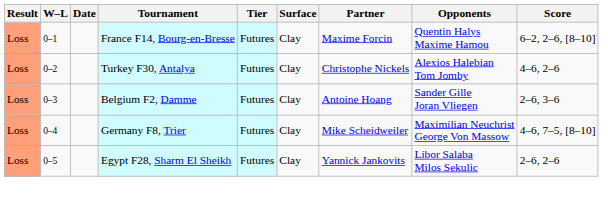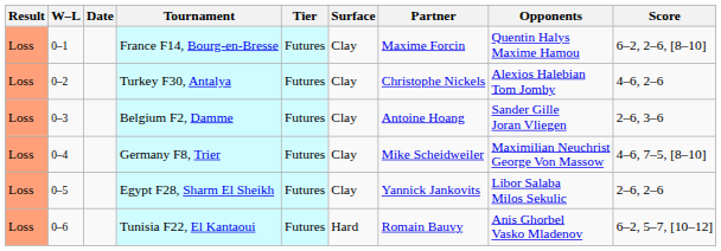 <table class="sortable wikitable nowrap">
 <tr>
 <th>Result</th>
 <th class="unsortable">W–L</th>
 <th>Date</th>
 <th>Tournament</th>
 <th>Tier</th>
 <th>Surface</th>
 <th>Partner</th>
 <th>Opponents</th>
 <th class="unsortable">Score</th>
 </tr>
 <tr>
 <td style="background:#FFA07A">Loss</td>
 <td><small>0–1</small></td>
 <td></td>
 <td style="background:#cffcff;">France F14, <a href='#'>Bourg-en-Bresse</a></td>
 <td style="background:#cffcff;">Futures</td>
 <td>Clay</td>
 <td> <a href='#'>Maxime Forcin</a></td>
 <td> <a href='#'>Quentin Halys</a><br> <a href='#'>Maxime Hamou</a></td>
 <td>6–2, 2–6, [8–10]</td>
 </tr>
 <tr>
 <td style="background:#FFA07A">Loss</td>
 <td><small>0–2</small></td>
 <td></td>
 <td style="background:#cffcff;">Turkey F30, <a href='#'>Antalya</a></td>
 <td style="background:#cffcff;">Futures</td>
 <td>Clay</td>
 <td> <a href='#'>Christophe Nickels</a></td>
 <td> <a href='#'>Alexios Halebian</a><br> <a href='#'>Tom Jomby</a></td>
 <td>4–6, 2–6</td>
 </tr>
 <tr>
 <td style="background:#FFA07A">Loss</td>
 <td><small>0–3</small></td>
 <td></td>
 <td style="background:#cffcff;">Belgium F2, <a href='#'>Damme</a></td>
 <td style="background:#cffcff;">Futures</td>
 <td>Clay</td>
 <td> <a href='#'>Antoine Hoang</a></td>
 <td> <a href='#'>Sander Gille</a><br> <a href='#'>Joran Vliegen</a></td>
 <td>2–6, 3–6</td>
 </tr>
 <tr>
 <td style="background:#FFA07A">Loss</td>
 <td><small>0–4</small></td>
 <td></td>
 <td style="background:#cffcff;">Germany F8, <a href='#'>Trier</a></td>
 <td style="background:#cffcff;">Futures</td>
 <td>Clay</td>
 <td> <a href='#'>Mike Scheidweiler</a></td>
 <td> <a href='#'>Maximilian Neuchrist</a><br> <a href='#'>George Von Massow</a></td>
 <td>4–6, 7–5, [8–10]</td>
 </tr>
 <tr>
 <td style="background:#FFA07A">Loss</td>
 <td><small>0–5</small></td>
 <td></td>
 <td style="background:#cffcff;">Egypt F28, <a href='#'>Sharm El Sheikh</a></td>
 <td style="background:#cffcff;">Futures</td>
 <td>Clay</td>
 <td> <a href='#'>Yannick Jankovits</a></td>
 <td> <a href='#'>Libor Salaba</a><br> <a href='#'>Milos Sekulic</a></td>
 <td>2–6, 2–6</td>
 </tr>
+<tr>
+<td style="background:#FFA07A">Loss</td>
+<td><small>0–6</small></td>
+<td></td>
+<td style="background:#cffcff;">Tunisia F22, <a href='#'>El Kantaoui</a></td>
+<td style="background:#cffcff;">Futures</td>
+<td>Hard</td>
+<td> <a href='#'>Romain Bauvy</a></td>
+<td> <a href='#'>Anis Ghorbel</a><br> <a href='#'>Vasko Mladenov</a></td>
+<td>6–2, 5–7, [10–12]</td>
+</tr>
 </table>
